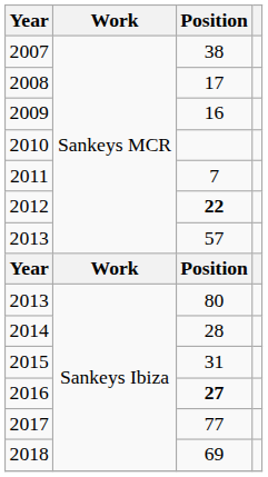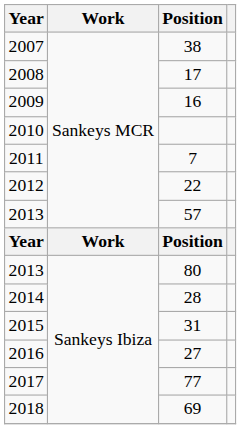 <table class="wikitable plainrowheaders" style="text-align:center;">
 <tr>
 <th>Year</th>
 <th>Work</th>
 <th>Position</th>
 <th></th>
 </tr>
 <tr>
 <td>2007</td>
 <td rowspan="7">Sankeys MCR</td>
 <td>38</td>
 <td></td>
 </tr>
 <tr>
 <td>2008</td>
 <td>17</td>
 <td></td>
 </tr>
 <tr>
 <td>2009</td>
 <td>16</td>
 <td></td>
 </tr>
 <tr>
 <td>2010</td>
 <td></td>
 <td></td>
 </tr>
 <tr>
 <td>2011</td>
 <td>7</td>
 <td></td>
 </tr>
 <tr>
 <td>2012</td>
-<td><strong>22</strong></td>
+<td>22</td>
 <td></td>
 </tr>
 <tr>
 <td>2013</td>
 <td>57</td>
 <td></td>
 </tr>
 <tr>
 <th>Year</th>
 <th>Work</th>
 <th>Position</th>
 <th></th>
 </tr>
 <tr>
 <td>2013</td>
 <td rowspan="6">Sankeys Ibiza</td>
 <td>80</td>
 <td></td>
 </tr>
 <tr>
 <td>2014</td>
 <td>28</td>
 <td></td>
 </tr>
 <tr>
 <td>2015</td>
 <td>31</td>
 <td></td>
 </tr>
 <tr>
 <td>2016</td>
-<td><strong>27</strong></td>
+<td>27</td>
 <td></td>
 </tr>
 <tr>
 <td>2017</td>
 <td>77</td>
 <td></td>
 </tr>
 <tr>
 <td>2018</td>
 <td>69</td>
 <td></td>
 </tr>
 <tr>
 </tr>
 </table>
